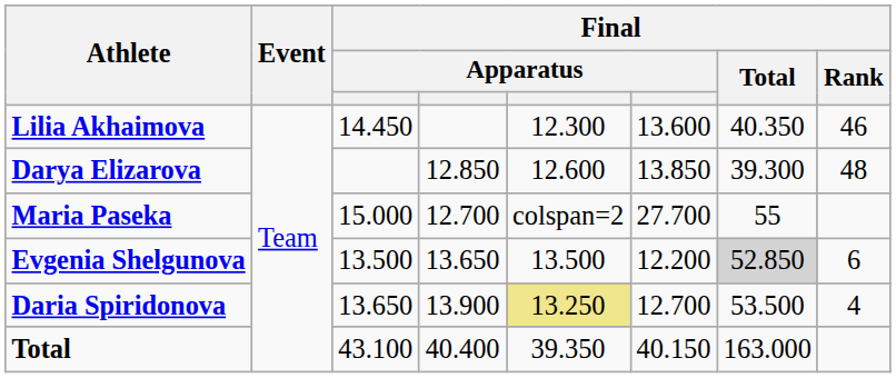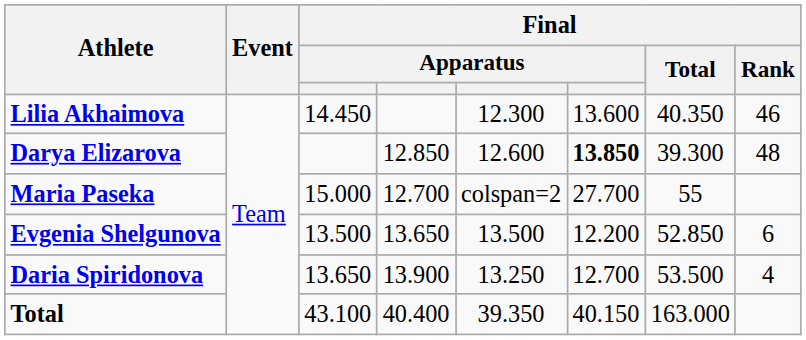 <table class="wikitable" style="text-align:center; font-size:90%">
 <tr>
 <th rowspan=3>Athlete</th>
 <th rowspan=3>Event</th>
 <th colspan =6>Final</th>
 </tr>
 <tr style="font-size:95%">
 <th colspan=4>Apparatus</th>
 <th rowspan=2>Total</th>
 <th rowspan=2>Rank</th>
 </tr>
 <tr style="font-size:95%">
 <th></th>
 <th></th>
 <th></th>
 <th></th>
 </tr>
 <tr>
 <td align=left><strong><a href='#'>Lilia Akhaimova</a></strong></td>
 <td align=left rowspan=6><a href='#'>Team</a></td>
 <td>14.450</td>
 <td></td>
 <td>12.300</td>
 <td>13.600</td>
 <td>40.350</td>
 <td>46</td>
 </tr>
 <tr>
 <td align=left><strong><a href='#'>Darya Elizarova</a></strong></td>
 <td></td>
 <td>12.850</td>
 <td>12.600</td>
-<td>13.850</td>
+<td><strong>13.850</strong></td>
 <td>39.300</td>
 <td>48</td>
 </tr>
 <tr>
 <td align=left><strong><a href='#'>Maria Paseka</a></strong></td>
 <td>15.000</td>
 <td>12.700</td>
 <td>colspan=2</td>
 <td>27.700</td>
 <td>55</td>
 </tr>
 <tr>
 <td align=left><strong><a href='#'>Evgenia Shelgunova</a></strong></td>
 <td>13.500</td>
 <td>13.650</td>
 <td>13.500</td>
 <td>12.200</td>
-<td style="background: lightgrey;">52.850</td>
+<td>52.850</td>
 <td>6</td>
 </tr>
 <tr>
 <td align=left><strong><a href='#'>Daria Spiridonova</a></strong></td>
 <td>13.650</td>
 <td>13.900</td>
-<td style="background: khaki;">13.250</td>
+<td>13.250</td>
 <td>12.700</td>
 <td>53.500</td>
 <td>4</td>
 </tr>
 <tr>
 <td align=left><strong>Total</strong></td>
 <td>43.100</td>
 <td>40.400</td>
 <td>39.350</td>
 <td>40.150</td>
 <td>163.000</td>
 <td></td>
 </tr>
 </table>
